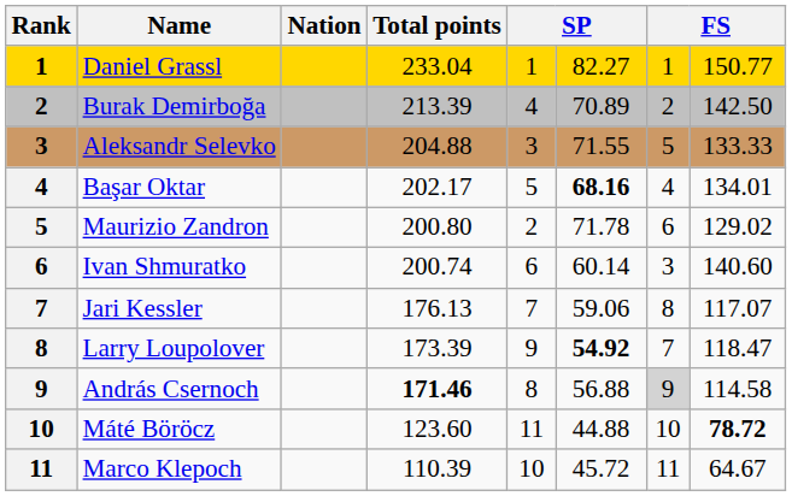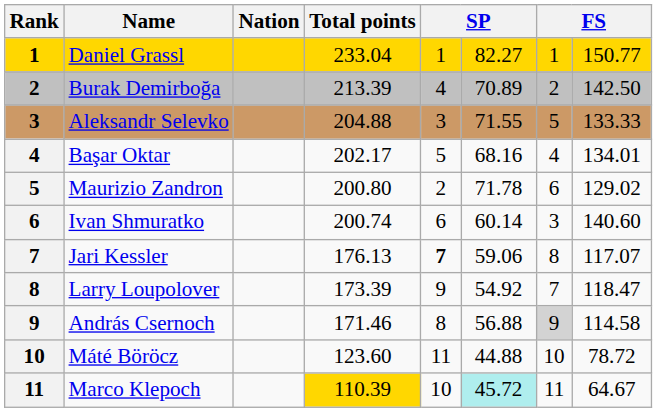 <table class="wikitable sortable">
 <tr>
 <th>Rank</th>
 <th>Name</th>
 <th>Nation</th>
 <th>Total points</th>
 <th colspan="2" width="80px"><a href='#'>SP</a></th>
 <th colspan="2" width="80px"><a href='#'>FS</a></th>
 </tr>
 <tr bgcolor="gold">
 <td align="center"><strong>1</strong></td>
 <td><a href='#'>Daniel Grassl</a></td>
 <td></td>
 <td align="center">233.04</td>
 <td align="center">1</td>
 <td align="center">82.27</td>
 <td align="center">1</td>
 <td align="center">150.77</td>
 </tr>
 <tr bgcolor="silver">
 <td align="center"><strong>2</strong></td>
 <td><a href='#'>Burak Demirboğa</a></td>
 <td></td>
 <td align="center">213.39</td>
 <td align="center">4</td>
 <td align="center">70.89</td>
 <td align="center">2</td>
 <td align="center">142.50</td>
 </tr>
 <tr bgcolor="cc9966">
 <td align="center"><strong>3</strong></td>
 <td><a href='#'>Aleksandr Selevko</a></td>
 <td></td>
 <td align="center">204.88</td>
 <td align="center">3</td>
 <td align="center">71.55</td>
 <td align="center">5</td>
 <td align="center">133.33</td>
 </tr>
 <tr>
 <th>4</th>
 <td><a href='#'>Başar Oktar</a></td>
 <td></td>
 <td align="center">202.17</td>
 <td align="center">5</td>
-<td align="center"><strong>68.16</strong></td>
+<td align="center">68.16</td>
 <td align="center">4</td>
 <td align="center">134.01</td>
 </tr>
 <tr>
 <th>5</th>
 <td><a href='#'>Maurizio Zandron</a></td>
 <td></td>
 <td align="center">200.80</td>
 <td align="center">2</td>
 <td align="center">71.78</td>
 <td align="center">6</td>
 <td align="center">129.02</td>
 </tr>
 <tr>
 <th>6</th>
 <td><a href='#'>Ivan Shmuratko</a></td>
 <td></td>
 <td align="center">200.74</td>
 <td align="center">6</td>
 <td align="center">60.14</td>
 <td align="center">3</td>
 <td align="center">140.60</td>
 </tr>
 <tr>
 <th>7</th>
 <td><a href='#'>Jari Kessler</a></td>
 <td></td>
 <td align="center">176.13</td>
-<td align="center">7</td>
+<td align="center"><strong>7</strong></td>
 <td align="center">59.06</td>
 <td align="center">8</td>
 <td align="center">117.07</td>
 </tr>
 <tr>
 <th>8</th>
 <td><a href='#'>Larry Loupolover</a></td>
 <td></td>
 <td align="center">173.39</td>
 <td align="center">9</td>
-<td align="center"><strong>54.92</strong></td>
+<td align="center">54.92</td>
 <td align="center">7</td>
 <td align="center">118.47</td>
 </tr>
 <tr>
 <th>9</th>
 <td><a href='#'>András Csernoch</a></td>
 <td></td>
-<td align="center"><strong>171.46</strong></td>
+<td align="center">171.46</td>
 <td align="center">8</td>
 <td align="center">56.88</td>
 <td align="center" style="background: lightgrey;">9</td>
 <td align="center">114.58</td>
 </tr>
 <tr>
 <th>10</th>
 <td><a href='#'>Máté Böröcz</a></td>
 <td></td>
 <td align="center">123.60</td>
 <td align="center">11</td>
 <td align="center">44.88</td>
 <td align="center">10</td>
-<td align="center"><strong>78.72</strong></td>
+<td align="center">78.72</td>
 </tr>
 <tr>
 <th>11</th>
 <td><a href='#'>Marco Klepoch</a></td>
 <td></td>
-<td align="center">110.39</td>
+<td align="center" style="background: gold;">110.39</td>
 <td align="center">10</td>
-<td align="center">45.72</td>
+<td align="center" style="background: paleturquoise;">45.72</td>
 <td align="center">11</td>
 <td align="center">64.67</td>
 </tr>
 </table>
